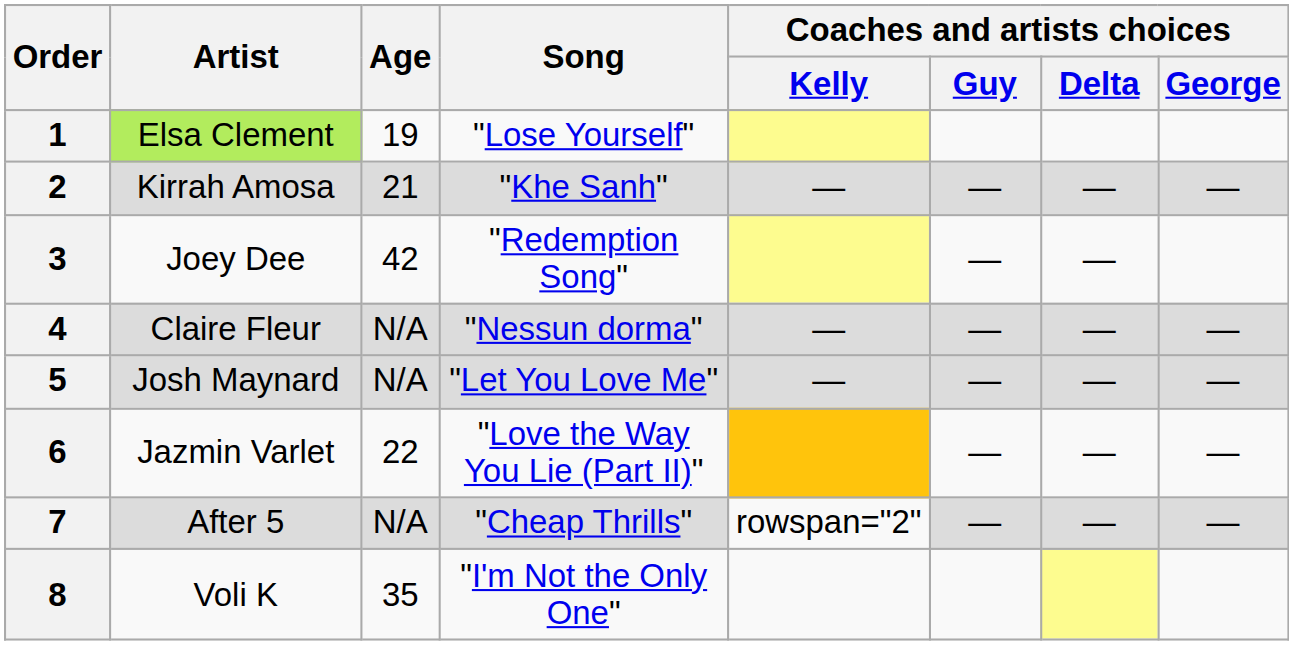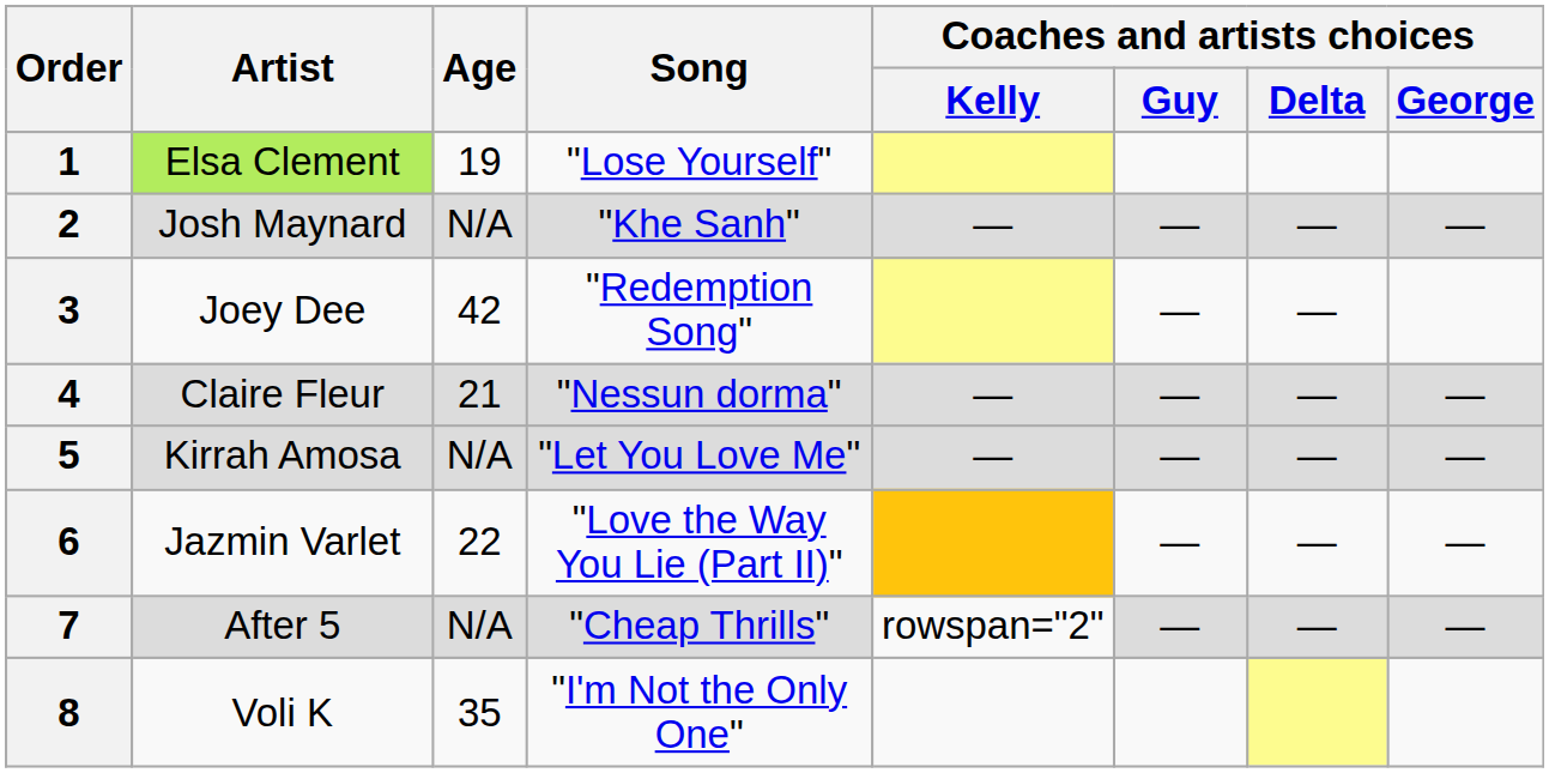 <table class="wikitable" style="text-align:center; width:100%;">
 <tr>
 <th scope="col" rowspan="2" style="width:05%;">Order</th>
 <th scope="col" rowspan="2" style="width:24%;">Artist</th>
 <th scope="col" rowspan="2" style="width:05%;">Age</th>
 <th scope="col" rowspan="2" style="width:26%;">Song</th>
 <th colspan="4" style="width:40%;">Coaches and artists choices</th>
 </tr>
 <tr>
 <th style="width:10%;"><a href='#'>Kelly</a></th>
 <th style="width:10%;"><a href='#'>Guy</a></th>
 <th style="width:10%;"><a href='#'>Delta</a></th>
 <th style="width:10%;"><a href='#'>George</a></th>
 </tr>
 <tr>
 <th>1</th>
 <td style="background-color:#B2EC5D;">Elsa Clement</td>
 <td>19</td>
 <td>"<a href='#'>Lose Yourself</a>"</td>
 <td style="background-color:#FDFC8F;"> <strong></strong> </td>
 <td> <strong></strong> </td>
 <td> <strong></strong> </td>
 <td> <strong></strong> </td>
 </tr>
 <tr>
 <th>2</th>
-<td style="background-color:#DCDCDC;">Kirrah Amosa</td>
-<td style="background-color:#DCDCDC;">21</td>
+<td style="background-color:#DCDCDC;">Josh Maynard</td>
+<td style="background-color:#DCDCDC;">N/A</td>
 <td style="background-color:#DCDCDC;">"<a href='#'>Khe Sanh</a>"</td>
 <td style="background-color:#DCDCDC;">—</td>
 <td style="background-color:#DCDCDC;">—</td>
 <td style="background-color:#DCDCDC;">—</td>
 <td style="background-color:#DCDCDC;">—</td>
 </tr>
 <tr>
 <th>3</th>
 <td>Joey Dee</td>
 <td>42</td>
 <td>"<a href='#'>Redemption Song</a>"</td>
 <td style="background-color:#FDFC8F;"> <strong></strong> </td>
 <td>—</td>
 <td>—</td>
 <td> <strong></strong> </td>
 </tr>
 <tr>
 <th>4</th>
 <td style="background-color:#DCDCDC;">Claire Fleur</td>
-<td style="background-color:#DCDCDC;">N/A</td>
+<td style="background-color:#DCDCDC;">21</td>
 <td style="background-color:#DCDCDC;">"<a href='#'>Nessun dorma</a>"</td>
 <td style="background-color:#DCDCDC;">—</td>
 <td style="background-color:#DCDCDC;">—</td>
 <td style="background-color:#DCDCDC;">—</td>
 <td style="background-color:#DCDCDC;">—</td>
 </tr>
 <tr>
 <th>5</th>
-<td style="background-color:#DCDCDC;">Josh Maynard</td>
+<td style="background-color:#DCDCDC;">Kirrah Amosa</td>
 <td style="background-color:#DCDCDC;">N/A</td>
 <td style="background-color:#DCDCDC;">"<a href='#'>Let You Love Me</a>"</td>
 <td style="background-color:#DCDCDC;">—</td>
 <td style="background-color:#DCDCDC;">—</td>
 <td style="background-color:#DCDCDC;">—</td>
 <td style="background-color:#DCDCDC;">—</td>
 </tr>
 <tr>
 <th>6</th>
 <td>Jazmin Varlet</td>
 <td>22</td>
 <td>"<a href='#'>Love the Way You Lie (Part II)</a>"</td>
 <td style="background-color:#FFC40C;"> <strong></strong> </td>
 <td>—</td>
 <td>—</td>
 <td>—</td>
 </tr>
 <tr>
 <th>7</th>
 <td style="background-color:#DCDCDC;">After 5</td>
 <td style="background-color:#DCDCDC;">N/A</td>
 <td style="background-color:#DCDCDC;">"<a href='#'>Cheap Thrills</a>"</td>
 <td>rowspan="2" </td>
 <td style="background-color:#DCDCDC;">—</td>
 <td style="background-color:#DCDCDC;">—</td>
 <td style="background-color:#DCDCDC;">—</td>
 </tr>
 <tr>
 <th>8</th>
 <td>Voli K</td>
 <td>35</td>
 <td>"<a href='#'>I'm Not the Only One</a>"</td>
 <td> <strong></strong> </td>
 <td> <strong></strong> </td>
 <td style="background-color:#FDFC8F;"> <strong></strong> </td>
 </tr>
 </table>
